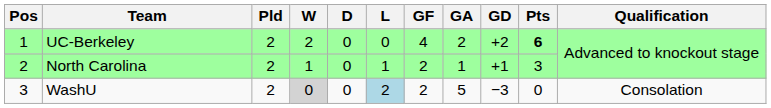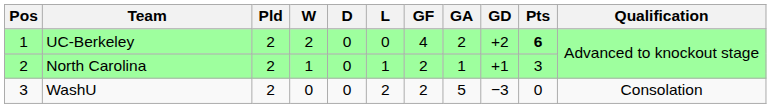 <table class="wikitable" style="text-align:center; margin: 1em auto">
 <tr>
 <th style=width:2em>Pos</th>
 <th style=width:13em>Team</th>
 <th style=width:2em>Pld</th>
 <th style=width:2em>W</th>
 <th style=width:2em>D</th>
 <th style=width:2em>L</th>
 <th style=width:2em>GF</th>
 <th style=width:2em>GA</th>
 <th style=width:2em>GD</th>
 <th style=width:2em>Pts</th>
 <th style=width:13em>Qualification</th>
 </tr>
 <tr bgcolor="#9eff9e">
 <td>1</td>
 <td style="text-align:left">UC-Berkeley</td>
 <td>2</td>
 <td>2</td>
 <td>0</td>
 <td>0</td>
 <td>4</td>
 <td>2</td>
 <td>+2</td>
 <td><strong>6</strong></td>
 <td rowspan="2">Advanced to knockout stage</td>
 </tr>
 <tr bgcolor="#9eff9e">
 <td>2</td>
 <td style="text-align:left">North Carolina</td>
 <td>2</td>
 <td>1</td>
 <td>0</td>
 <td>1</td>
 <td>2</td>
 <td>1</td>
 <td>+1</td>
 <td>3</td>
 </tr>
 <tr>
 <td>3</td>
 <td style="text-align:left">WashU</td>
 <td>2</td>
-<td style="background: lightgrey;">0</td>
 <td>0</td>
-<td style="background: lightblue;">2</td>
+<td>0</td>
+<td>2</td>
 <td>2</td>
 <td>5</td>
 <td>−3</td>
 <td>0</td>
 <td>Consolation</td>
 </tr>
 </table>
